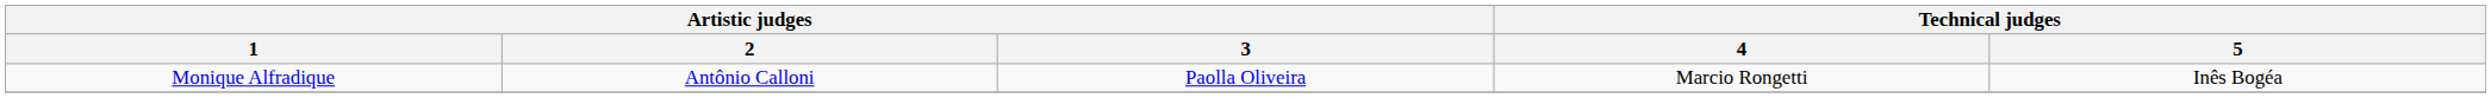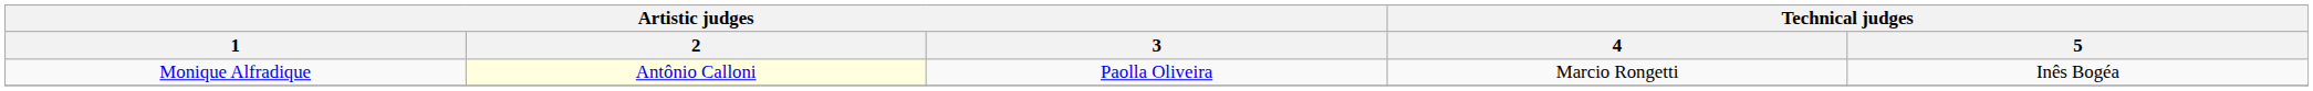 <table class="wikitable" style="font-size:100%; line-height:16px; text-align:center" width="100%">
 <tr>
 <th colspan=3>Artistic judges</th>
 <th colspan=2>Technical judges</th>
 </tr>
 <tr>
 <th width="20.0%">1</th>
 <th width="20.0%">2</th>
 <th width="20.0%">3</th>
 <th width="20.0%">4</th>
 <th width="20.0%">5</th>
 </tr>
 <tr>
 <td><a href='#'>Monique Alfradique</a></td>
-<td><a href='#'>Antônio Calloni</a></td>
+<td style="background: lightyellow;"><a href='#'>Antônio Calloni</a></td>
 <td><a href='#'>Paolla Oliveira</a></td>
 <td>Marcio Rongetti</td>
 <td>Inês Bogéa</td>
 </tr>
 <tr>
 </tr>
 </table>
